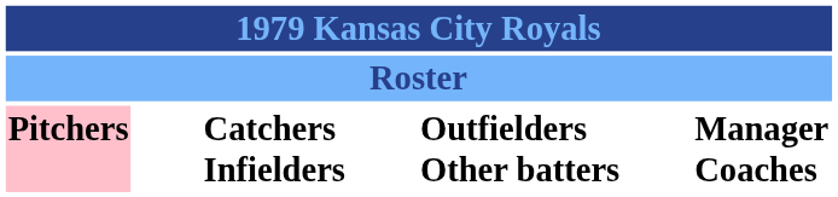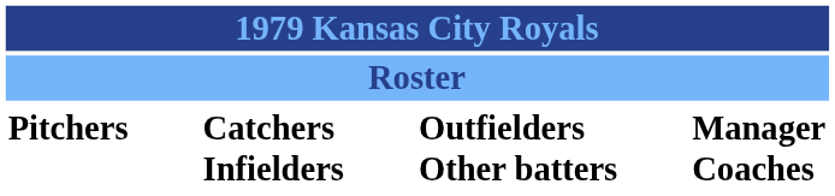 <table class="toccolours" style="font-size: 95%;">
 <tr>
 <th colspan="10" style="background-color: #27408B; color: #74B4FA; text-align: center;">1979 Kansas City Royals</th>
 </tr>
 <tr>
 <td colspan="10" style="background-color: #74B4FA; color: #27408B; text-align: center;"><strong>Roster</strong></td>
 </tr>
 <tr>
-<td valign="top" style="background: pink;"><strong>Pitchers</strong><br>               </td>
+<td valign="top"><strong>Pitchers</strong><br>               </td>
 <td width="25px"></td>
 <td valign="top"><strong>Catchers</strong><br>   <strong>Infielders</strong>          </td>
 <td width="25px"></td>
 <td valign="top"><strong>Outfielders</strong><br>        <strong>Other batters</strong> </td>
 <td width="25px"></td>
 <td valign="top"><strong>Manager</strong><br> <strong>Coaches</strong>    </td>
 </tr>
 </table>
